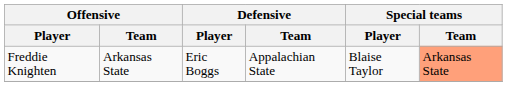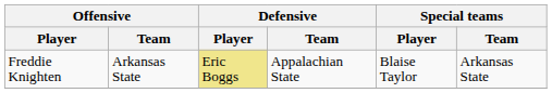 <table class="wikitable">
 <tr>
 <th colspan="2">Offensive</th>
 <th colspan="2">Defensive</th>
 <th colspan="2">Special teams</th>
 </tr>
 <tr>
 <th>Player</th>
 <th>Team</th>
 <th>Player</th>
 <th>Team</th>
 <th>Player</th>
 <th>Team</th>
 </tr>
 <tr>
 <td>Freddie Knighten</td>
 <td>Arkansas State</td>
-<td>Eric Boggs</td>
+<td style="background: khaki;">Eric Boggs</td>
 <td>Appalachian State</td>
 <td>Blaise Taylor</td>
-<td style="background: lightsalmon;">Arkansas State</td>
+<td>Arkansas State</td>
 </tr>
 <tr>
 </tr>
 </table>
